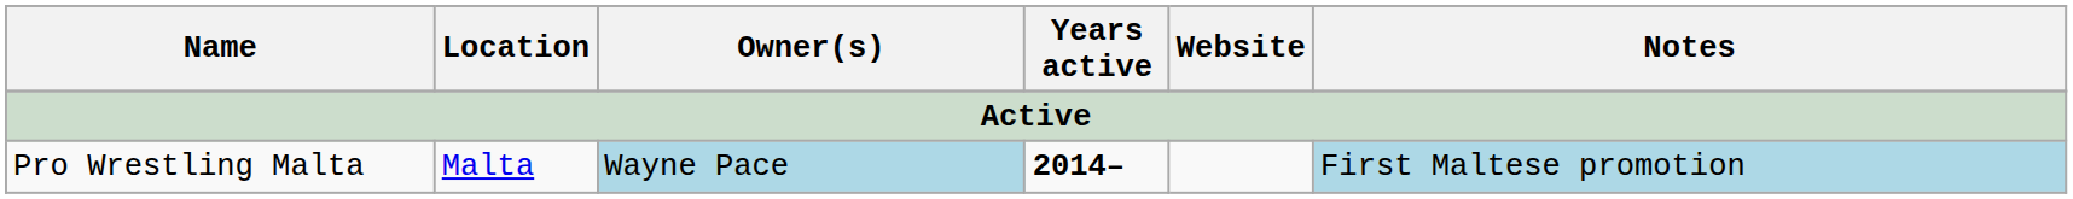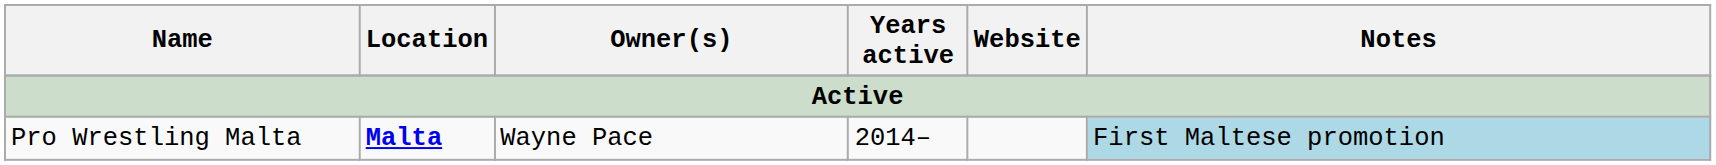 <table class="wikitable sortable" style="text-align: left;">
 <tr>
 <th width="21%">Name</th>
 <th width="7%">Location</th>
 <th width="21%">Owner(s)</th>
 <th width="7%">Years active</th>
 <th width="7%">Website</th>
 <th width="55%">Notes</th>
 </tr>
 <tr valign="top">
 </tr>
 <tr>
 <td colspan=7 style="background: #ccddcc;" align=center><strong>Active</strong></td>
 </tr>
 <tr>
 <td>Pro Wrestling Malta</td>
-<td><a href='#'>Malta</a></td>
-<td style="background: lightblue;">Wayne Pace<br></td>
-<td><strong>2014–</strong></td>
+<td><strong><a href='#'>Malta</a></strong></td>
+<td>Wayne Pace<br></td>
+<td>2014–</td>
 <td></td>
 <td style="background: lightblue;">First Maltese promotion</td>
 </tr>
 </table>
